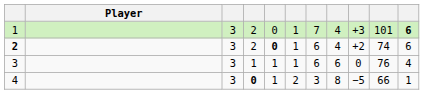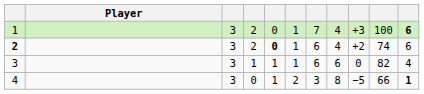 <table class="wikitable" style="text-align:center; margin: 1em auto 1em auto, align:left">
 <tr>
 <th width=20></th>
 <th width=240>Player</th>
 <th width=20></th>
 <th width=20></th>
 <th width=20></th>
 <th width=20></th>
 <th width=20></th>
 <th width=20></th>
 <th width=20></th>
 <th width=30></th>
 <th width=20></th>
 </tr>
 <tr style="background:#D0F0C0;">
 <td>1</td>
 <td align=left></td>
 <td>3</td>
 <td>2</td>
 <td>0</td>
 <td>1</td>
 <td>7</td>
 <td>4</td>
 <td>+3</td>
-<td>101</td>
+<td>100</td>
 <td><strong>6</strong></td>
 </tr>
 <tr style=>
 <td><strong>2</strong></td>
 <td align=left></td>
 <td>3</td>
 <td>2</td>
 <td><strong>0</strong></td>
 <td>1</td>
 <td>6</td>
 <td>4</td>
 <td>+2</td>
 <td>74</td>
 <td>6</td>
 </tr>
 <tr style=>
 <td>3</td>
 <td align=left></td>
 <td>3</td>
 <td>1</td>
 <td>1</td>
 <td>1</td>
 <td>6</td>
 <td>6</td>
 <td>0</td>
-<td>76</td>
+<td>82</td>
 <td>4</td>
 </tr>
 <tr style=>
 <td>4</td>
 <td align=left></td>
 <td>3</td>
-<td><strong>0</strong></td>
+<td>0</td>
 <td>1</td>
 <td>2</td>
 <td>3</td>
 <td>8</td>
 <td>−5</td>
 <td>66</td>
-<td>1</td>
+<td><strong>1</strong></td>
 </tr>
 </table>
